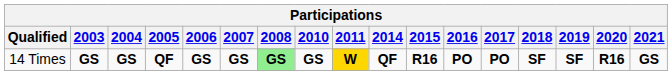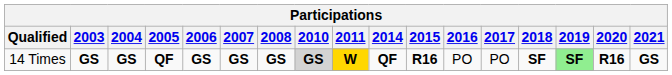 <table width=80% class="wikitable" style="text-align:">
 <tr>
 <th colspan=17>Participations</th>
 </tr>
 <tr>
 <th width=20%>Qualified</th>
 <th width=5%><a href='#'>2003</a></th>
 <th width=5%><a href='#'>2004</a></th>
 <th width=5%><a href='#'>2005</a></th>
 <th width=5%><a href='#'>2006</a></th>
 <th width=5%><a href='#'>2007</a></th>
 <th width=5%><a href='#'>2008</a></th>
 <th width=5%><a href='#'>2010</a></th>
 <th width=5%><a href='#'>2011</a></th>
 <th width=5%><a href='#'>2014</a></th>
 <th width=5%><a href='#'>2015</a></th>
 <th width=5%><a href='#'>2016</a></th>
 <th width=5%><a href='#'>2017</a></th>
 <th width=5%><a href='#'>2018</a></th>
 <th width=5%><a href='#'>2019</a></th>
 <th width=5%><a href='#'>2020</a></th>
 <th width=5%><a href='#'>2021</a></th>
 </tr>
 <tr align=center>
 <td>14 Times</td>
 <td><strong>GS</strong></td>
 <td><strong>GS</strong></td>
 <td><strong>QF</strong></td>
 <td><strong>GS</strong></td>
 <td><strong>GS</strong></td>
-<td style="background: lightgreen;"><strong>GS</strong></td>
 <td><strong>GS</strong></td>
+<td style="background: lightgrey;"><strong>GS</strong></td>
 <td bgcolor=gold><strong>W</strong></td>
 <td><strong>QF</strong></td>
 <td><strong>R16</strong></td>
-<td><strong>PO</strong></td>
-<td><strong>PO</strong></td>
+<td>PO</td>
+<td>PO</td>
 <td><strong>SF</strong></td>
-<td><strong>SF</strong></td>
+<td style="background: lightgreen;"><strong>SF</strong></td>
 <td><strong>R16</strong></td>
 <td><strong>GS</strong></td>
 </tr>
 </table>
